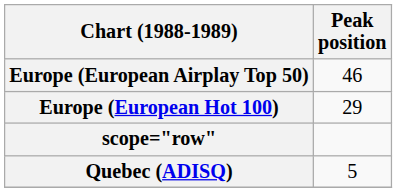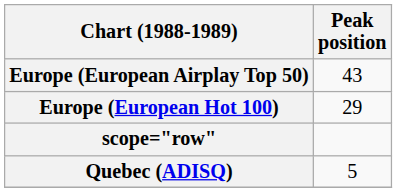 <table class="wikitable sortable plainrowheaders">
 <tr>
 <th>Chart (1988-1989)</th>
 <th>Peak<br>position</th>
 </tr>
 <tr>
 <th scope="row">Europe (European Airplay Top 50)</th>
-<td align="center">46</td>
+<td align="center">43</td>
 </tr>
 <tr>
 <th scope="row">Europe (<a href='#'>European Hot 100</a>)</th>
 <td align="center">29</td>
 </tr>
 <tr>
 <th>scope="row"</th>
 </tr>
 <tr>
 <th scope="row">Quebec (<a href='#'>ADISQ</a>)</th>
 <td align="center">5</td>
 </tr>
 <tr>
 </tr>
 </table>
